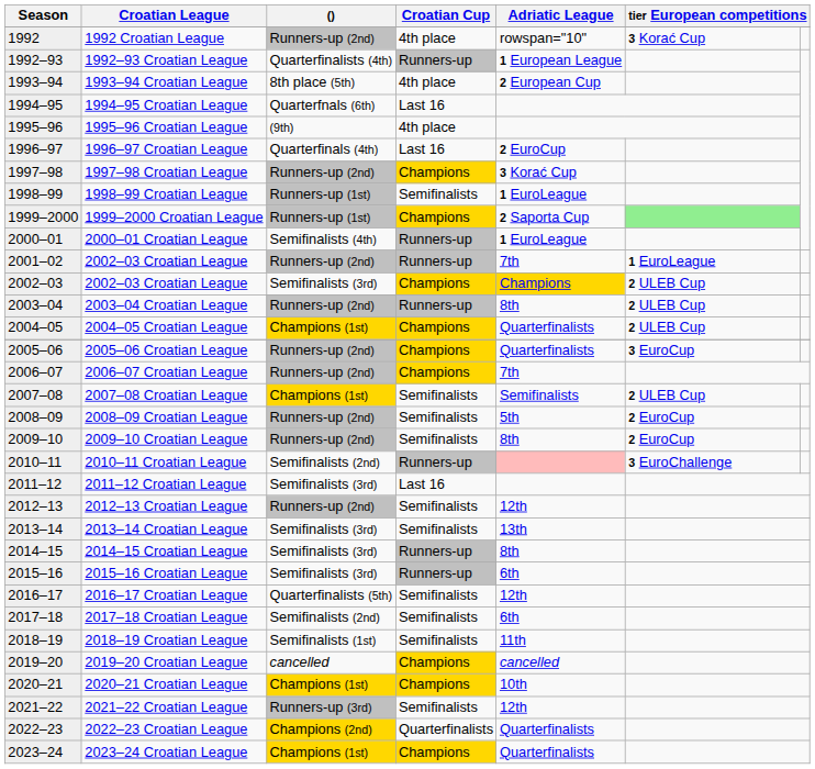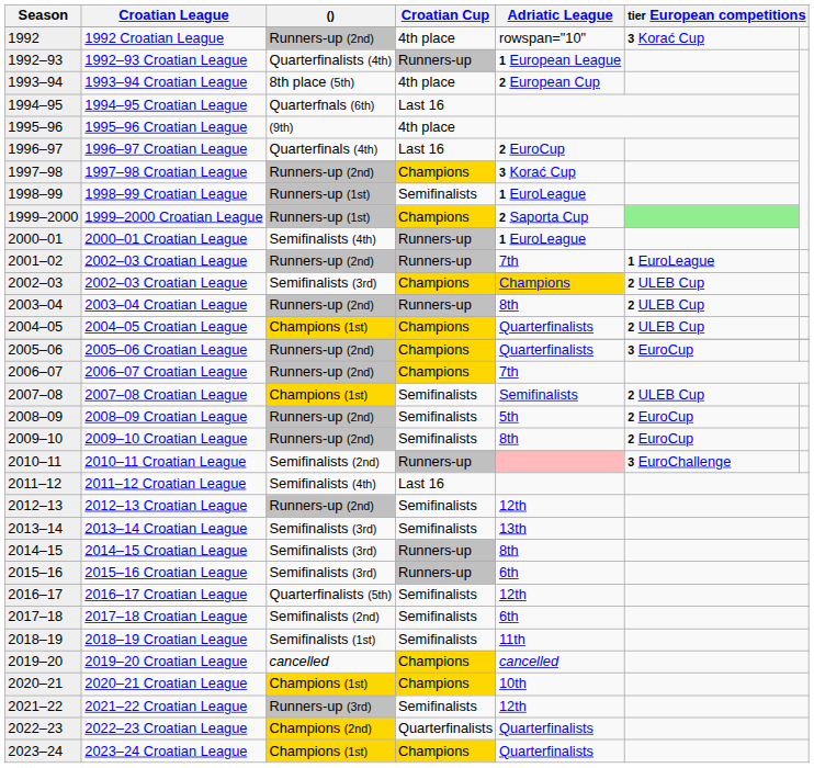 <table class="wikitable">
 <tr>
 <th>Season</th>
 <th><a href='#'>Croatian League</a></th>
 <th><small>()</small></th>
 <th><a href='#'>Croatian Cup</a></th>
 <th><a href='#'>Adriatic League</a></th>
 <th colspan=2><small>tier</small> <a href='#'>European competitions</a></th>
 </tr>
 <tr>
 </tr>
 <tr>
 <td style="background:#EFEFEF;">1992</td>
 <td><a href='#'>1992 Croatian League</a></td>
 <td bgcolor=silver>Runners-up <small>(2nd)</small></td>
 <td>4th place</td>
 <td>rowspan="10"</td>
 <td><small><strong>3</strong></small> <a href='#'>Korać Cup</a></td>
 <td align=center></td>
 </tr>
 <tr>
 <td style="background:#EFEFEF;">1992–93</td>
 <td><a href='#'>1992–93 Croatian League</a></td>
 <td>Quarterfinalists <small>(4th)</small></td>
 <td bgcolor=silver>Runners-up</td>
 <td><small><strong>1</strong></small> <a href='#'>European League</a></td>
 <td align=center></td>
 </tr>
 <tr>
 <td style="background:#EFEFEF;">1993–94</td>
 <td><a href='#'>1993–94 Croatian League</a></td>
 <td>8th place <small>(5th)</small></td>
 <td>4th place</td>
 <td><small><strong>2</strong></small> <a href='#'>European Cup</a></td>
 <td align=center></td>
 </tr>
 <tr>
 <td style="background:#EFEFEF;">1994–95</td>
 <td><a href='#'>1994–95 Croatian League</a></td>
 <td>Quarterfnals <small>(6th)</small></td>
 <td>Last 16</td>
 <td colspan="2"></td>
 </tr>
 <tr>
 <td style="background:#EFEFEF;">1995–96</td>
 <td><a href='#'>1995–96 Croatian League</a></td>
 <td> <small>(9th)</small></td>
 <td>4th place</td>
 <td colspan="2"></td>
 </tr>
 <tr>
 <td style="background:#EFEFEF;">1996–97</td>
 <td><a href='#'>1996–97 Croatian League</a></td>
 <td>Quarterfinals <small>(4th)</small></td>
 <td>Last 16</td>
 <td><small><strong>2</strong></small> <a href='#'>EuroCup</a></td>
 <td align=center></td>
 </tr>
 <tr>
 <td style="background:#EFEFEF;">1997–98</td>
 <td><a href='#'>1997–98 Croatian League</a></td>
 <td bgcolor=silver>Runners-up <small>(2nd)</small></td>
 <td bgcolor=gold>Champions</td>
 <td><small><strong>3</strong></small> <a href='#'>Korać Cup</a></td>
 <td align=center></td>
 </tr>
 <tr>
 <td style="background:#EFEFEF;">1998–99</td>
 <td><a href='#'>1998–99 Croatian League</a></td>
 <td bgcolor=silver>Runners-up <small>(1st)</small></td>
 <td>Semifinalists</td>
 <td><small><strong>1</strong></small> <a href='#'>EuroLeague</a></td>
 <td align=center></td>
 </tr>
 <tr>
 <td style="background:#EFEFEF;">1999–2000</td>
 <td><a href='#'>1999–2000 Croatian League</a></td>
 <td bgcolor=silver>Runners-up <small>(1st)</small></td>
 <td bgcolor=gold>Champions</td>
 <td><small><strong>2</strong></small> <a href='#'>Saporta Cup</a></td>
 <td bgcolor=lightgreen align=center></td>
 </tr>
 <tr>
 <td style="background:#EFEFEF;">2000–01</td>
 <td><a href='#'>2000–01 Croatian League</a></td>
 <td>Semifinalists <small>(4th)</small></td>
 <td bgcolor=silver>Runners-up</td>
 <td><small><strong>1</strong></small> <a href='#'>EuroLeague</a></td>
 <td align=center></td>
 </tr>
 <tr>
 <td style="background:#EFEFEF;">2001–02</td>
 <td><a href='#'>2002–03 Croatian League</a></td>
 <td bgcolor=silver>Runners-up <small>(2nd)</small></td>
 <td bgcolor=silver>Runners-up</td>
 <td><a href='#'>7th</a></td>
 <td><small><strong>1</strong></small> <a href='#'>EuroLeague</a></td>
 <td align=center></td>
 </tr>
 <tr>
 <td style="background:#EFEFEF;">2002–03</td>
 <td><a href='#'>2002–03 Croatian League</a></td>
 <td>Semifinalists <small>(3rd)</small></td>
 <td bgcolor=gold>Champions</td>
 <td bgcolor=gold><a href='#'>Champions</a></td>
 <td><small><strong>2</strong></small> <a href='#'>ULEB Cup</a></td>
 <td align=center></td>
 </tr>
 <tr>
 <td style="background:#EFEFEF;">2003–04</td>
 <td><a href='#'>2003–04 Croatian League</a></td>
 <td bgcolor=silver>Runners-up <small>(2nd)</small></td>
 <td bgcolor=silver>Runners-up</td>
 <td><a href='#'>8th</a></td>
 <td><small><strong>2</strong></small> <a href='#'>ULEB Cup</a></td>
 <td align=center></td>
 </tr>
 <tr>
 <td style="background:#EFEFEF;">2004–05</td>
 <td><a href='#'>2004–05 Croatian League</a></td>
 <td bgcolor=gold>Champions <small>(1st)</small></td>
 <td bgcolor=gold>Champions</td>
 <td><a href='#'>Quarterfinalists</a></td>
 <td><small><strong>2</strong></small> <a href='#'>ULEB Cup</a></td>
 <td align=center></td>
 </tr>
 <tr>
 </tr>
 <tr>
 <td style="background:#EFEFEF;">2005–06</td>
 <td><a href='#'>2005–06 Croatian League</a></td>
 <td bgcolor=silver>Runners-up <small>(2nd)</small></td>
 <td bgcolor=gold>Champions</td>
 <td><a href='#'>Quarterfinalists</a></td>
 <td><small><strong>3</strong></small> <a href='#'>EuroCup</a></td>
 <td align=center></td>
 </tr>
 <tr>
 <td style="background:#EFEFEF;">2006–07</td>
 <td><a href='#'>2006–07 Croatian League</a></td>
 <td bgcolor=silver>Runners-up <small>(2nd)</small></td>
 <td bgcolor=gold>Champions</td>
 <td><a href='#'>7th</a></td>
 <td colspan="2"></td>
 </tr>
 <tr>
 <td style="background:#EFEFEF;">2007–08</td>
 <td><a href='#'>2007–08 Croatian League</a></td>
 <td bgcolor=gold>Champions <small>(1st)</small></td>
 <td>Semifinalists</td>
 <td><a href='#'>Semifinalists</a></td>
 <td><small><strong>2</strong></small> <a href='#'>ULEB Cup</a></td>
 <td align=center></td>
 </tr>
 <tr>
 <td style="background:#EFEFEF;">2008–09</td>
 <td><a href='#'>2008–09 Croatian League</a></td>
 <td bgcolor=silver>Runners-up <small>(2nd)</small></td>
 <td>Semifinalists</td>
 <td><a href='#'>5th</a></td>
 <td><small><strong>2</strong></small> <a href='#'>EuroCup</a></td>
 <td align=center></td>
 </tr>
 <tr>
 <td style="background:#EFEFEF;">2009–10</td>
 <td><a href='#'>2009–10 Croatian League</a></td>
 <td bgcolor=silver>Runners-up <small>(2nd)</small></td>
 <td>Semifinalists</td>
 <td><a href='#'>8th</a></td>
 <td><small><strong>2</strong></small> <a href='#'>EuroCup</a></td>
 <td align=center></td>
 </tr>
 <tr>
 <td style="background:#EFEFEF;">2010–11</td>
 <td><a href='#'>2010–11 Croatian League</a></td>
 <td>Semifinalists <small>(2nd)</small></td>
 <td bgcolor=silver>Runners-up</td>
 <td bgcolor="#FFBBBB"><a href='#'></a></td>
 <td><small><strong>3</strong></small> <a href='#'>EuroChallenge</a></td>
 <td align=center></td>
 </tr>
 <tr>
 <td style="background:#EFEFEF;">2011–12</td>
 <td><a href='#'>2011–12 Croatian League</a></td>
-<td>Semifinalists <small>(3rd)</small></td>
+<td>Semifinalists <small>(4th)</small></td>
 <td>Last 16</td>
 <td></td>
 <td colspan="2"></td>
 </tr>
 <tr>
 <td style="background:#EFEFEF;">2012–13</td>
 <td><a href='#'>2012–13 Croatian League</a></td>
 <td bgcolor=silver>Runners-up <small>(2nd)</small></td>
 <td>Semifinalists</td>
 <td><a href='#'>12th</a></td>
 <td colspan="2"></td>
 </tr>
 <tr>
 <td style="background:#EFEFEF;">2013–14</td>
 <td><a href='#'>2013–14 Croatian League</a></td>
 <td>Semifinalists <small>(3rd)</small></td>
 <td>Semifinalists</td>
 <td><a href='#'>13th</a></td>
 <td colspan="2"></td>
 </tr>
 <tr>
 <td style="background:#EFEFEF;">2014–15</td>
 <td><a href='#'>2014–15 Croatian League</a></td>
 <td>Semifinalists <small>(3rd)</small></td>
 <td bgcolor=silver>Runners-up</td>
 <td><a href='#'>8th</a></td>
 <td colspan="2"></td>
 </tr>
 <tr>
 <td style="background:#EFEFEF;">2015–16</td>
 <td><a href='#'>2015–16 Croatian League</a></td>
 <td>Semifinalists <small>(3rd)</small></td>
 <td bgcolor=silver>Runners-up</td>
 <td><a href='#'>6th</a></td>
 <td colspan="2"></td>
 </tr>
 <tr>
 <td style="background:#EFEFEF;">2016–17</td>
 <td><a href='#'>2016–17 Croatian League</a></td>
 <td>Quarterfinalists <small>(5th)</small></td>
 <td>Semifinalists</td>
 <td><a href='#'>12th</a></td>
 <td colspan="2"></td>
 </tr>
 <tr>
 <td style="background:#EFEFEF;">2017–18</td>
 <td><a href='#'>2017–18 Croatian League</a></td>
 <td>Semifinalists <small>(2nd)</small></td>
 <td>Semifinalists</td>
 <td><a href='#'>6th</a></td>
 <td colspan="2"></td>
 </tr>
 <tr>
 <td style="background:#EFEFEF;">2018–19</td>
 <td><a href='#'>2018–19 Croatian League</a></td>
 <td>Semifinalists <small>(1st)</small></td>
 <td>Semifinalists</td>
 <td><a href='#'>11th</a></td>
 <td colspan="2"></td>
 </tr>
 <tr>
 <td style="background:#EFEFEF;">2019–20</td>
 <td><a href='#'>2019–20 Croatian League</a></td>
 <td><em>cancelled</em></td>
 <td bgcolor=gold>Champions</td>
 <td><em><a href='#'>cancelled</a></em></td>
 <td colspan="2"></td>
 </tr>
 <tr>
 <td style="background:#EFEFEF;">2020–21</td>
 <td><a href='#'>2020–21 Croatian League</a></td>
 <td bgcolor=gold>Champions <small>(1st)</small></td>
 <td bgcolor=gold>Champions</td>
 <td><a href='#'>10th</a></td>
 <td colspan="2"></td>
 </tr>
 <tr>
 <td style="background:#EFEFEF;">2021–22</td>
 <td><a href='#'>2021–22 Croatian League</a></td>
 <td bgcolor=silver>Runners-up <small>(3rd)</small></td>
 <td>Semifinalists</td>
 <td><a href='#'>12th</a></td>
 <td colspan="2"></td>
 </tr>
 <tr>
 <td style="background:#EFEFEF;">2022–23</td>
 <td><a href='#'>2022–23 Croatian League</a></td>
 <td bgcolor=gold>Champions <small>(2nd)</small></td>
 <td>Quarterfinalists</td>
 <td><a href='#'>Quarterfinalists</a></td>
 <td colspan="2"></td>
 </tr>
 <tr>
 <td style="background:#EFEFEF;">2023–24</td>
 <td><a href='#'>2023–24 Croatian League</a></td>
 <td bgcolor=gold>Champions <small>(1st)</small></td>
 <td bgcolor=gold>Champions</td>
 <td><a href='#'>Quarterfinalists</a></td>
 <td colspan="2"></td>
 </tr>
 </table>
